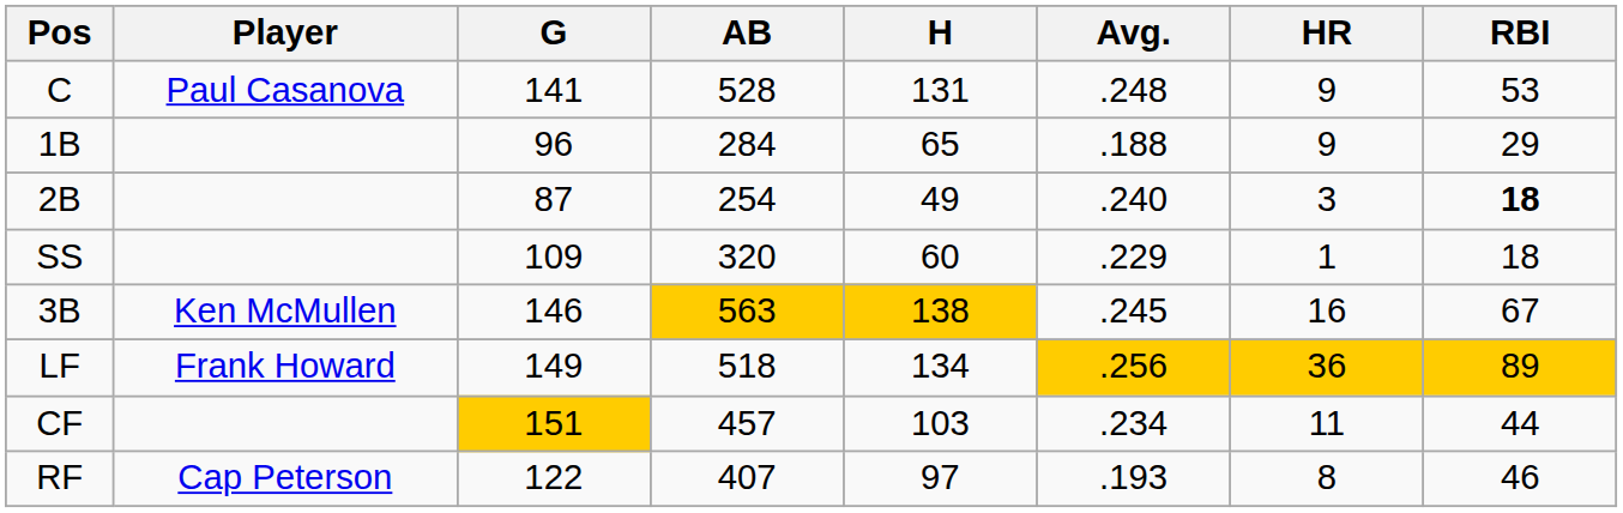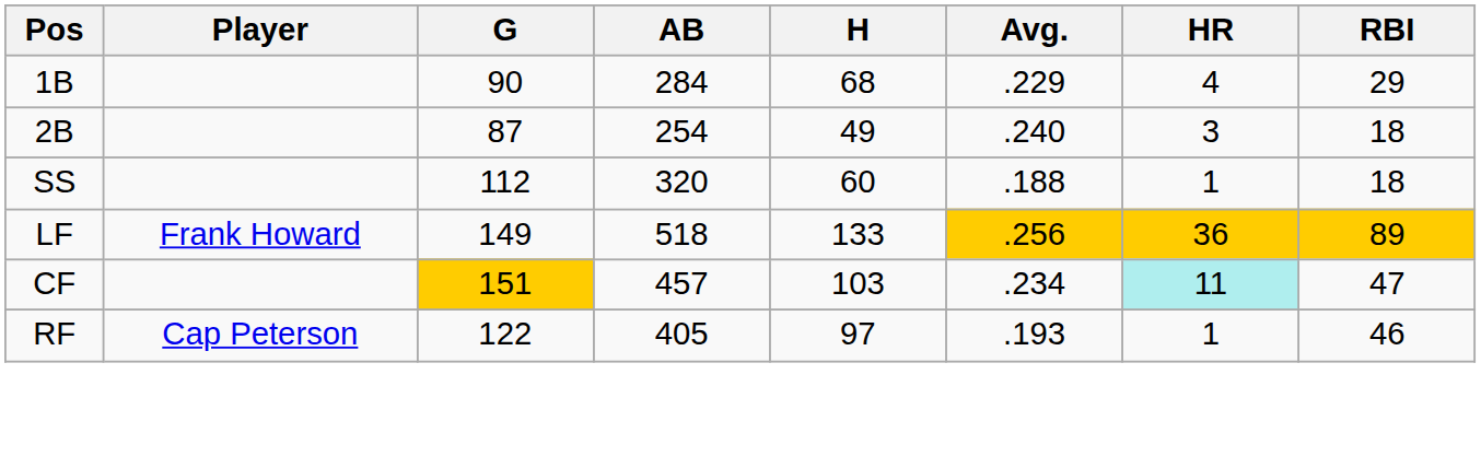 <table class="wikitable sortable">
 <tr>
 <th bgcolor="#DDDDFF" width="5%">Pos</th>
 <th bgcolor="#DDDDFF" width="16%">Player</th>
 <th bgcolor="#DDDDFF" width="9%">G</th>
 <th bgcolor="#DDDDFF" width="9%">AB</th>
 <th bgcolor="#DDDDFF" width="9%">H</th>
 <th bgcolor="#DDDDFF" width="9%">Avg.</th>
 <th bgcolor="#DDDDFF" width="9%">HR</th>
 <th bgcolor="#DDDDFF" width="9%">RBI</th>
 </tr>
 <tr align="center">
-<td>C</td>
-<td><a href='#'>Paul Casanova</a></td>
-<td>141</td>
-<td>528</td>
-<td>131</td>
-<td>.248</td>
-<td>9</td>
-<td>53</td>
-</tr>
-<tr align="center">
 <td>1B</td>
 <td></td>
-<td>96</td>
+<td>90</td>
 <td>284</td>
-<td>65</td>
-<td>.188</td>
-<td>9</td>
+<td>68</td>
+<td>.229</td>
+<td>4</td>
 <td>29</td>
 </tr>
 <tr align="center">
 <td>2B</td>
 <td></td>
 <td>87</td>
 <td>254</td>
 <td>49</td>
 <td>.240</td>
 <td>3</td>
-<td><strong>18</strong></td>
+<td>18</td>
 </tr>
 <tr align="center">
 <td>SS</td>
 <td></td>
-<td>109</td>
+<td>112</td>
 <td>320</td>
 <td>60</td>
-<td>.229</td>
+<td>.188</td>
 <td>1</td>
 <td>18</td>
-</tr>
-<tr align="center">
-<td>3B</td>
-<td><a href='#'>Ken McMullen</a></td>
-<td>146</td>
-<td style="background:#fc0;">563</td>
-<td style="background:#fc0;">138</td>
-<td>.245</td>
-<td>16</td>
-<td>67</td>
 </tr>
 <tr align="center">
 <td>LF</td>
 <td><a href='#'>Frank Howard</a></td>
 <td>149</td>
 <td>518</td>
-<td>134</td>
+<td>133</td>
 <td style="background:#fc0;">.256</td>
 <td style="background:#fc0;">36</td>
 <td style="background:#fc0;">89</td>
 </tr>
 <tr align="center">
 <td>CF</td>
 <td></td>
 <td style="background:#fc0;">151</td>
 <td>457</td>
 <td>103</td>
 <td>.234</td>
-<td>11</td>
-<td>44</td>
+<td style="background: paleturquoise;">11</td>
+<td>47</td>
 </tr>
 <tr align="center">
 <td>RF</td>
 <td><a href='#'>Cap Peterson</a></td>
 <td>122</td>
-<td>407</td>
+<td>405</td>
 <td>97</td>
 <td>.193</td>
-<td>8</td>
+<td>1</td>
 <td>46</td>
 </tr>
 </table>
